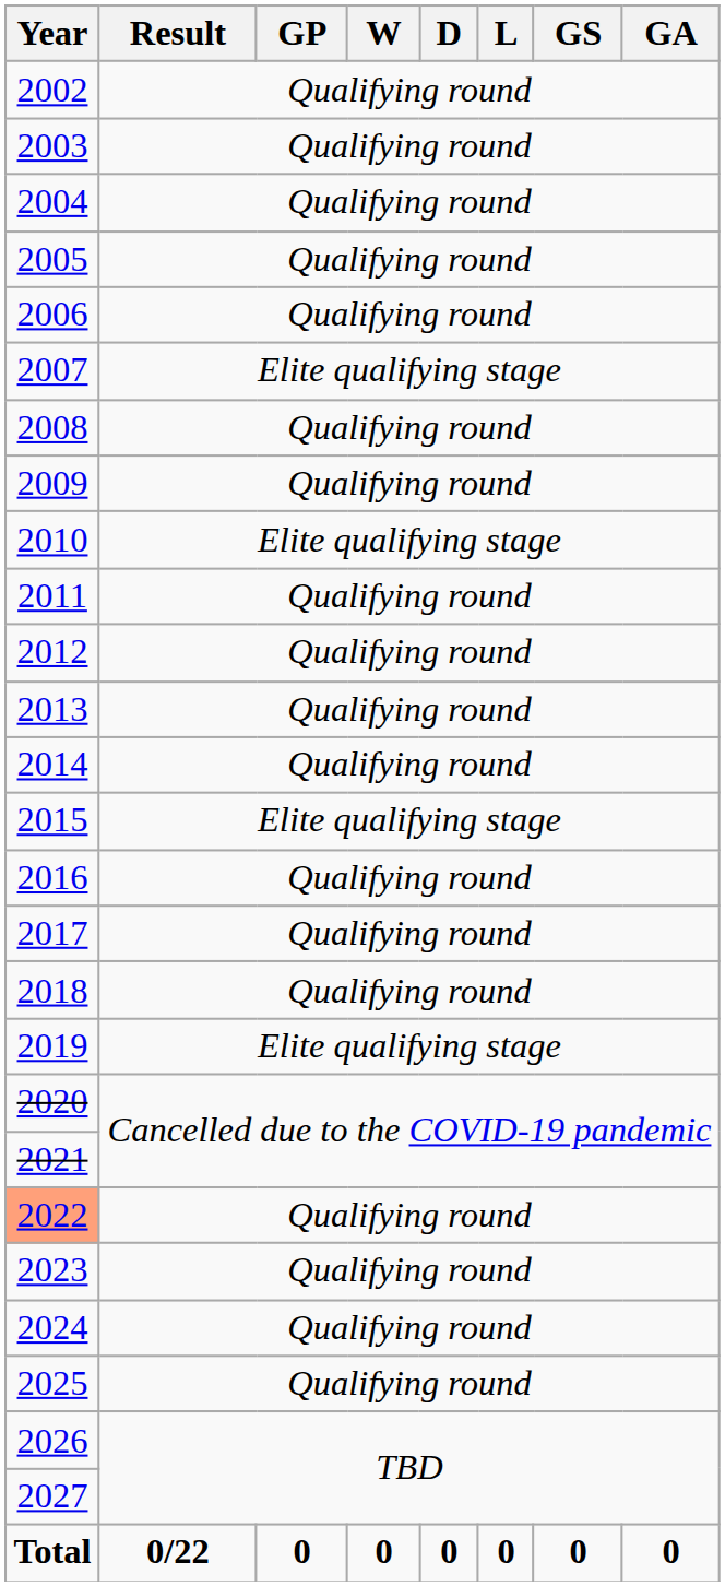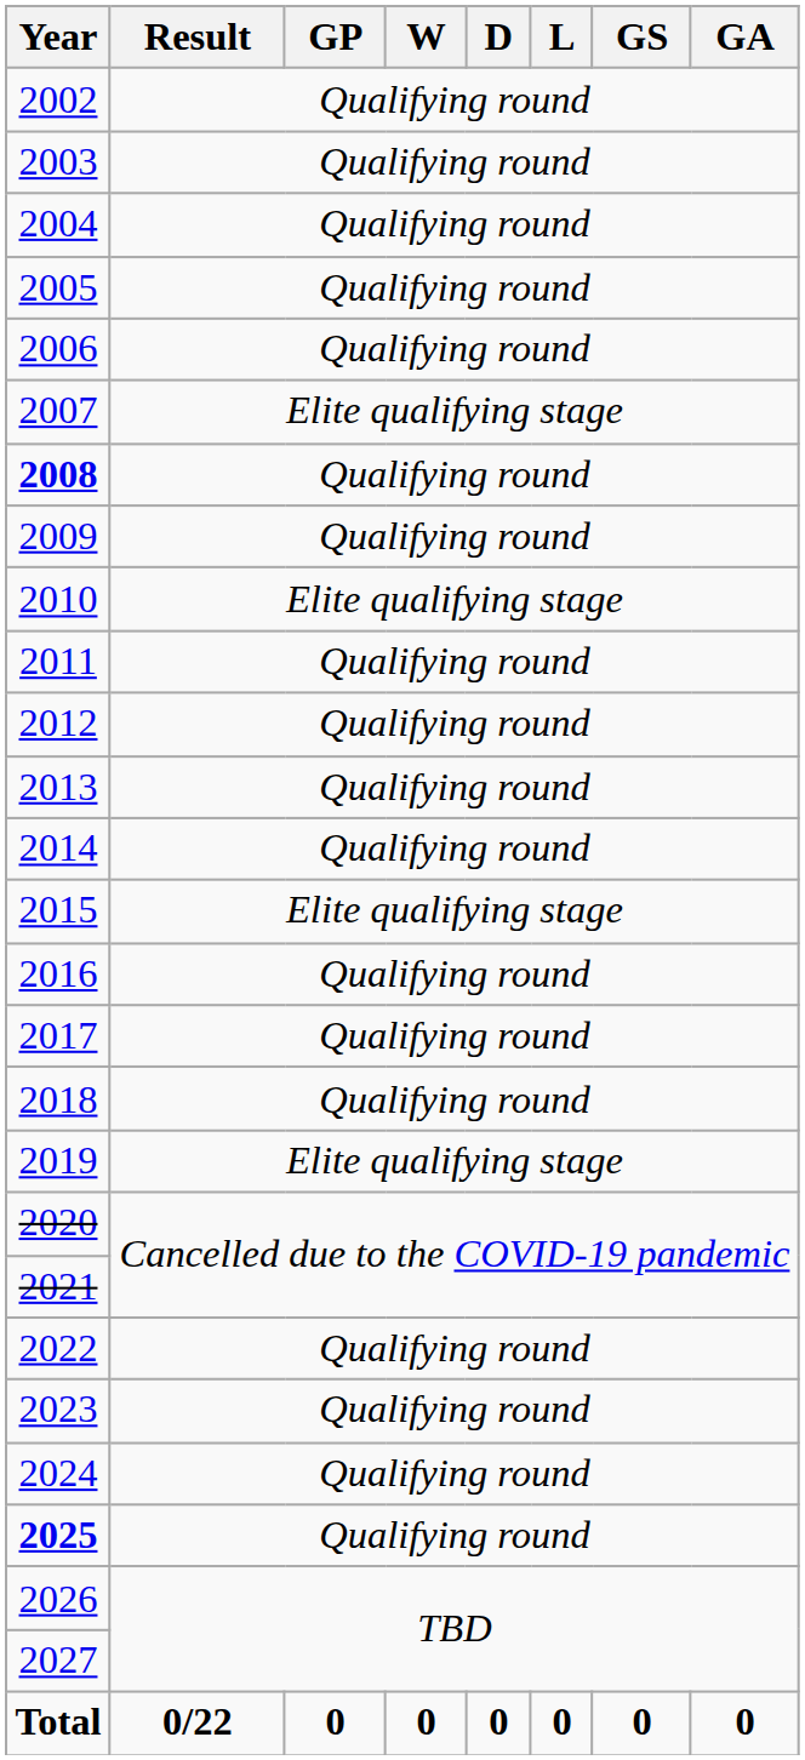 <table class="wikitable" style="text-align: center;">
 <tr>
 <th>Year</th>
 <th>Result</th>
 <th>GP</th>
 <th>W</th>
 <th>D</th>
 <th>L</th>
 <th>GS</th>
 <th>GA</th>
 </tr>
 <tr>
 <td> <a href='#'>2002</a></td>
 <td rowspan=1 colspan=8><em>Qualifying round</em></td>
 </tr>
 <tr>
 <td> <a href='#'>2003</a></td>
 <td rowspan=1 colspan=8><em>Qualifying round</em></td>
 </tr>
 <tr>
 <td> <a href='#'>2004</a></td>
 <td rowspan=1 colspan=8><em>Qualifying round</em></td>
 </tr>
 <tr>
 <td> <a href='#'>2005</a></td>
 <td rowspan=1 colspan=8><em>Qualifying round</em></td>
 </tr>
 <tr>
 <td> <a href='#'>2006</a></td>
 <td rowspan=1 colspan=8><em>Qualifying round</em></td>
 </tr>
 <tr>
 <td> <a href='#'>2007</a></td>
 <td rowspan=1 colspan=8><em>Elite qualifying stage</em></td>
 </tr>
 <tr>
-<td> <a href='#'>2008</a></td>
+<td><strong> <a href='#'>2008</a></strong></td>
 <td rowspan=1 colspan=8><em>Qualifying round</em></td>
 </tr>
 <tr>
 <td> <a href='#'>2009</a></td>
 <td rowspan=1 colspan=8><em>Qualifying round</em></td>
 </tr>
 <tr>
 <td> <a href='#'>2010</a></td>
 <td rowspan=1 colspan=8><em>Elite qualifying stage</em></td>
 </tr>
 <tr>
 <td> <a href='#'>2011</a></td>
 <td rowspan=1 colspan=8><em>Qualifying round</em></td>
 </tr>
 <tr>
 <td> <a href='#'>2012</a></td>
 <td rowspan=1 colspan=8><em>Qualifying round</em></td>
 </tr>
 <tr>
 <td> <a href='#'>2013</a></td>
 <td rowspan=1 colspan=8><em>Qualifying round</em></td>
 </tr>
 <tr>
 <td> <a href='#'>2014</a></td>
 <td rowspan=1 colspan=8><em>Qualifying round</em></td>
 </tr>
 <tr>
 <td> <a href='#'>2015</a></td>
 <td rowspan=1 colspan=8><em>Elite qualifying stage</em></td>
 </tr>
 <tr>
 <td> <a href='#'>2016</a></td>
 <td rowspan=1 colspan=8><em>Qualifying round</em></td>
 </tr>
 <tr>
 <td> <a href='#'>2017</a></td>
 <td rowspan=1 colspan=8><em>Qualifying round</em></td>
 </tr>
 <tr>
 <td> <a href='#'>2018</a></td>
 <td rowspan=1 colspan=8><em>Qualifying round</em></td>
 </tr>
 <tr>
 <td> <a href='#'>2019</a></td>
 <td rowspan=1 colspan=8><em>Elite qualifying stage</em></td>
 </tr>
 <tr>
 <td> <s><a href='#'>2020</a></s></td>
 <td rowspan=2 colspan=7><em>Cancelled due to the <a href='#'>COVID-19 pandemic</a></em></td>
 </tr>
 <tr>
 <td> <s><a href='#'>2021</a></s></td>
 </tr>
 <tr>
-<td style="background: lightsalmon;"> <a href='#'>2022</a></td>
+<td> <a href='#'>2022</a></td>
 <td rowspan=1 colspan=8><em>Qualifying round</em></td>
 </tr>
 <tr>
 <td> <a href='#'>2023</a></td>
 <td rowspan=1 colspan=8><em>Qualifying round</em></td>
 </tr>
 <tr>
 <td> <a href='#'>2024</a></td>
 <td rowspan=1 colspan=8><em>Qualifying round</em></td>
 </tr>
 <tr>
-<td> <a href='#'>2025</a></td>
+<td><strong> <a href='#'>2025</a></strong></td>
 <td rowspan=1 colspan=8><em>Qualifying round</em></td>
 </tr>
 <tr>
 <td> <a href='#'>2026</a></td>
 <td colspan=8 rowspan=2><em>TBD</em></td>
 </tr>
 <tr>
 <td> <a href='#'>2027</a></td>
 </tr>
 <tr>
 <td><strong>Total</strong></td>
 <td><strong>0/22</strong></td>
 <td><strong>0</strong></td>
 <td><strong>0</strong></td>
 <td><strong>0</strong></td>
 <td><strong>0</strong></td>
 <td><strong>0</strong></td>
 <td><strong>0</strong></td>
 </tr>
 </table>
